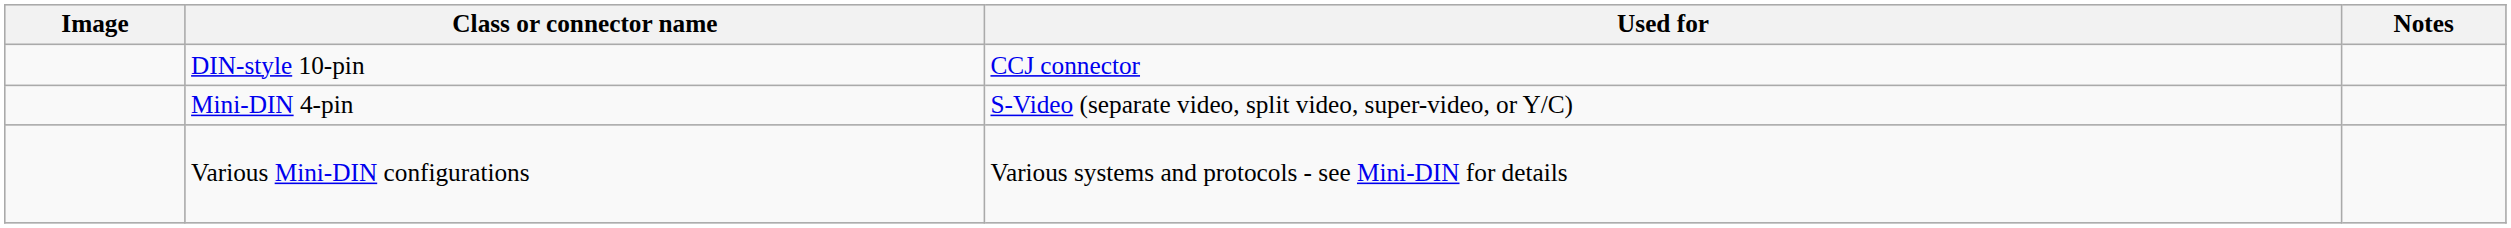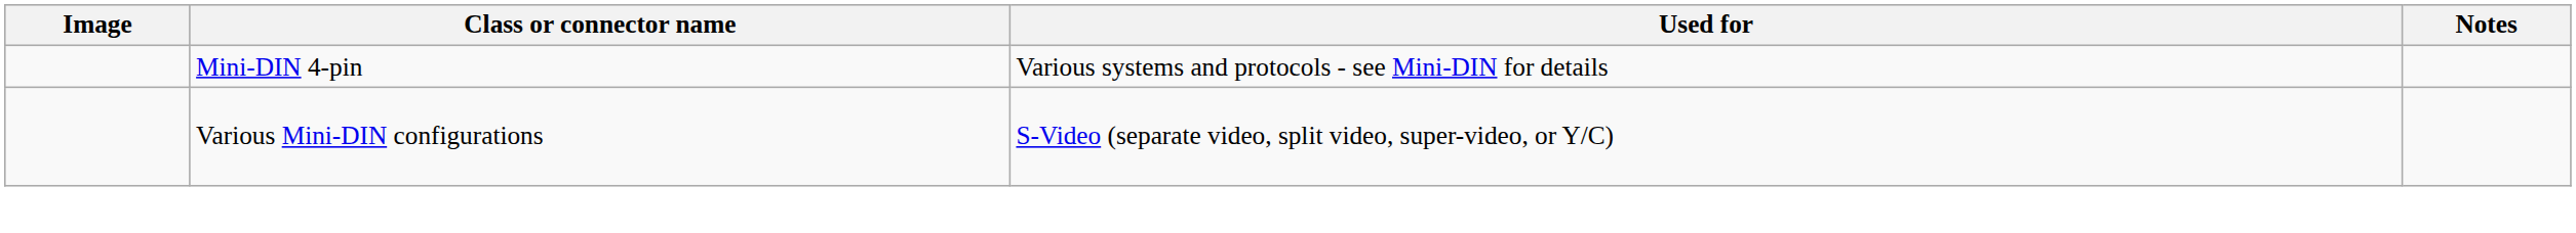 <table class="wikitable" style="width:100%;">
 <tr>
 <th>Image</th>
 <th>Class or connector name</th>
 <th>Used for</th>
 <th>Notes</th>
 </tr>
 <tr>
 <td></td>
-<td><a href='#'>DIN-style</a> 10-pin</td>
-<td><a href='#'>CCJ connector</a></td>
-<td></td>
-</tr>
-<tr>
-<td></td>
 <td><a href='#'>Mini-DIN</a> 4-pin</td>
-<td><a href='#'>S-Video</a> (separate video, split video, super-video, or Y/C)</td>
+<td>Various systems and protocols - see <a href='#'>Mini-DIN</a> for details</td>
 <td></td>
 </tr>
 <tr>
 <td><br>   <br>    <br>   </td>
 <td>Various <a href='#'>Mini-DIN</a> configurations</td>
-<td>Various systems and protocols - see <a href='#'>Mini-DIN</a> for details</td>
+<td><a href='#'>S-Video</a> (separate video, split video, super-video, or Y/C)</td>
 <td></td>
 </tr>
 </table>
